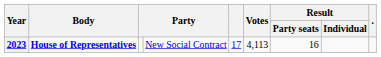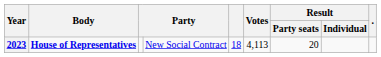 <table class="wikitable plainrowheaders sortable" border=2 cellpadding=4 cellspacing=0 style="border: 1px #aaa solid; font-size: 90%; text-align:center;">
 <tr>
 <th scope="col" rowspan=2>Year</th>
 <th scope="col" rowspan=2>Body</th>
 <th scope="col" colspan=2 rowspan=2>Party</th>
 <th scope="col" rowspan=2></th>
 <th scope="col" rowspan=2>Votes</th>
 <th scope="colgroup" colspan=2>Result</th>
 <th scope="col" rowspan=2 class="unsortable">.</th>
 </tr>
 <tr>
 <th scope="col">Party seats</th>
 <th scope="col">Individual</th>
 </tr>
 <tr>
 <th scope="row"><a href='#'>2023</a></th>
 <td><strong><a href='#'>House of Representatives</a></strong></td>
 <td style="background-color:"></td>
 <td><a href='#'>New Social Contract</a></td>
-<td style=text-align:right><a href='#'>17</a></td>
+<td style=text-align:right><a href='#'>18</a></td>
 <td style=text-align:right>4,113</td>
-<td style=text-align:right>16</td>
+<td style=text-align:right>20</td>
 <td></td>
 <td></td>
 </tr>
 </table>
